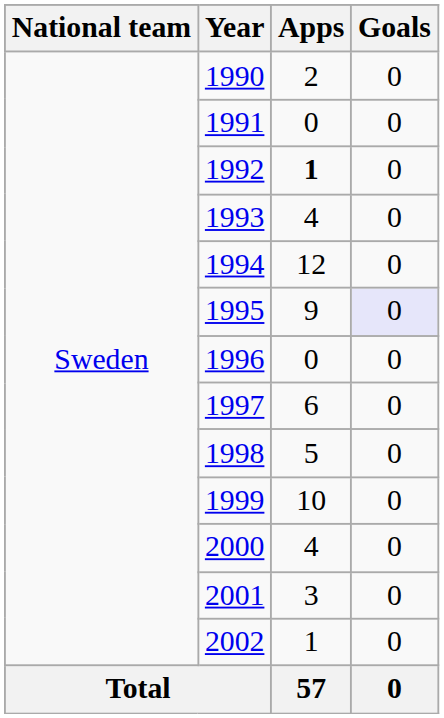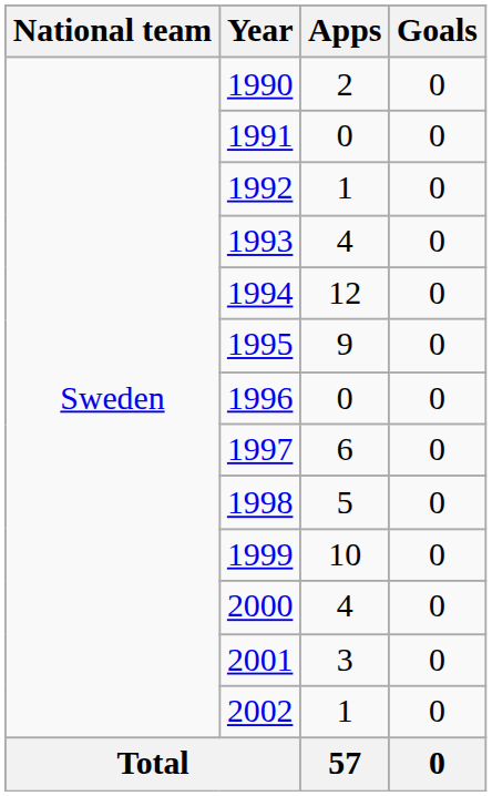 <table class="wikitable" style="text-align:center">
 <tr>
 <th>National team</th>
 <th>Year</th>
 <th>Apps</th>
 <th>Goals</th>
 </tr>
 <tr>
 <td rowspan="13"><a href='#'>Sweden</a></td>
 <td><a href='#'>1990</a></td>
 <td>2</td>
 <td>0</td>
 </tr>
 <tr>
 <td><a href='#'>1991</a></td>
 <td>0</td>
 <td>0</td>
 </tr>
 <tr>
 <td><a href='#'>1992</a></td>
-<td><strong>1</strong></td>
+<td>1</td>
 <td>0</td>
 </tr>
 <tr>
 <td><a href='#'>1993</a></td>
 <td>4</td>
 <td>0</td>
 </tr>
 <tr>
 <td><a href='#'>1994</a></td>
 <td>12</td>
 <td>0</td>
 </tr>
 <tr>
 <td><a href='#'>1995</a></td>
 <td>9</td>
-<td style="background: lavender;">0</td>
+<td>0</td>
 </tr>
 <tr>
 <td><a href='#'>1996</a></td>
 <td>0</td>
 <td>0</td>
 </tr>
 <tr>
 <td><a href='#'>1997</a></td>
 <td>6</td>
 <td>0</td>
 </tr>
 <tr>
 <td><a href='#'>1998</a></td>
 <td>5</td>
 <td>0</td>
 </tr>
 <tr>
 <td><a href='#'>1999</a></td>
 <td>10</td>
 <td>0</td>
 </tr>
 <tr>
 <td><a href='#'>2000</a></td>
 <td>4</td>
 <td>0</td>
 </tr>
 <tr>
 <td><a href='#'>2001</a></td>
 <td>3</td>
 <td>0</td>
 </tr>
 <tr>
 <td><a href='#'>2002</a></td>
 <td>1</td>
 <td>0</td>
 </tr>
 <tr>
 <th colspan="2">Total</th>
 <th>57</th>
 <th>0</th>
 </tr>
 </table>
